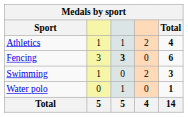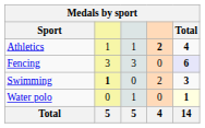 <table class="wikitable" style="font-size:90%; text-align:center;">
 <tr>
 <th colspan=5>Medals by sport</th>
 </tr>
 <tr>
 <th width=120>Sport</th>
 <th scope="col" width=30 style="background:#F7F6A8;"></th>
 <th scope="col" width=30 style="background:#DCE5E5;"></th>
 <th scope="col" width=30 style="background:#FFDAB9;"></th>
 <th width=30>Total</th>
 </tr>
 <tr>
 <td align=left><a href='#'>Athletics</a></td>
 <td style="background:#F7F6A8;">1</td>
 <td style="background:#DCE5E5;">1</td>
-<td style="background:#FFDAB9;">2</td>
+<td style="background:#FFDAB9;"><strong>2</strong></td>
 <td><strong>4</strong></td>
 </tr>
 <tr>
 <td align=left><a href='#'>Fencing</a></td>
 <td style="background:#F7F6A8;">3</td>
-<td style="background:#DCE5E5;"><strong>3</strong></td>
+<td style="background:#DCE5E5;">3</td>
 <td style="background:#FFDAB9;">0</td>
-<td><strong>6</strong></td>
+<td style="background: lavender;"><strong>6</strong></td>
 </tr>
 <tr>
 <td align=left><a href='#'>Swimming</a></td>
-<td style="background:#F7F6A8;">1</td>
+<td style="background:#F7F6A8;"><strong>1</strong></td>
 <td style="background:#DCE5E5;">0</td>
 <td style="background:#FFDAB9;">2</td>
 <td><strong>3</strong></td>
 </tr>
 <tr>
 <td align=left><a href='#'>Water polo</a></td>
 <td style="background:#F7F6A8;">0</td>
 <td style="background:#DCE5E5;">1</td>
 <td style="background:#FFDAB9;">0</td>
-<td><strong>1</strong></td>
+<td style="background: lightyellow;"><strong>1</strong></td>
 </tr>
 <tr class="sortbottom">
 <th>Total</th>
 <th>5</th>
 <th>5</th>
 <th>4</th>
 <th>14</th>
 </tr>
 </table>
